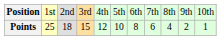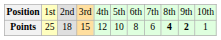 <table class="wikitable" style="font-size:87%; text-align: center">
 <tr>
 <th>Position</th>
 <td style="background:#FFFFBF;">1st</td>
 <td style="background:#DFDFDF;">2nd</td>
 <td style="background:#FFDF9F;">3rd</td>
 <td style="background:#DFFFDF;">4th</td>
 <td style="background:#DFFFDF;">5th</td>
 <td style="background:#DFFFDF;">6th</td>
 <td style="background:#DFFFDF;">7th</td>
 <td style="background:#DFFFDF;">8th</td>
 <td style="background:#DFFFDF;">9th</td>
 <td style="background:#DFFFDF;">10th</td>
 </tr>
 <tr>
 <th>Points</th>
 <td style="background:#FFFFBF;">25</td>
 <td style="background:#DFDFDF;">18</td>
 <td style="background:#FFDF9F;">15</td>
 <td style="background:#DFFFDF;">12</td>
 <td style="background:#DFFFDF;">10</td>
 <td style="background:#DFFFDF;">8</td>
 <td style="background:#DFFFDF;">6</td>
-<td style="background:#DFFFDF;">4</td>
-<td style="background:#DFFFDF;">2</td>
+<td style="background:#DFFFDF;"><strong>4</strong></td>
+<td style="background:#DFFFDF;"><strong>2</strong></td>
 <td style="background:#DFFFDF;">1</td>
 </tr>
 </table>
